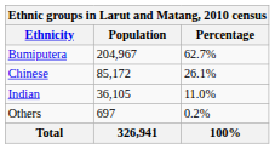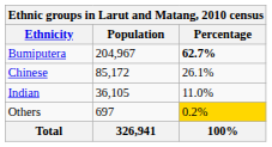 <table class="wikitable">
 <tr>
 <th style="text-align:center;" colspan="3">Ethnic groups in Larut and Matang, 2010 census</th>
 </tr>
 <tr>
 <th><a href='#'>Ethnicity</a></th>
 <th>Population</th>
 <th>Percentage</th>
 </tr>
 <tr>
 <td><a href='#'>Bumiputera</a></td>
 <td>204,967</td>
-<td>62.7%</td>
+<td><strong>62.7%</strong></td>
 </tr>
 <tr>
 <td><a href='#'>Chinese</a></td>
 <td>85,172</td>
 <td>26.1%</td>
 </tr>
 <tr>
 <td><a href='#'>Indian</a></td>
 <td>36,105</td>
 <td>11.0%</td>
 </tr>
 <tr>
 <td>Others</td>
 <td>697</td>
-<td>0.2%</td>
+<td style="background: gold;">0.2%</td>
 </tr>
 <tr>
 <th>Total</th>
 <th>326,941</th>
 <th>100%</th>
 </tr>
 </table>
